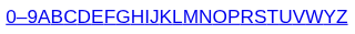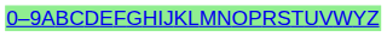 <table id="toc" class="toc" summary="Class">
 <tr>
 <th></th>
 </tr>
 <tr>
-<td style="text-align:center;"><a href='#'>0–9</a><a href='#'>A</a><a href='#'>B</a><a href='#'>C</a><a href='#'>D</a><a href='#'>E</a><a href='#'>F</a><a href='#'>G</a><a href='#'>H</a><a href='#'>I</a><a href='#'>J</a><a href='#'>K</a><a href='#'>L</a><a href='#'>M</a><a href='#'>N</a><a href='#'>O</a><a href='#'>P</a><a href='#'>R</a><a href='#'>S</a><a href='#'>T</a><a href='#'>U</a><a href='#'>V</a><a href='#'>W</a><a href='#'>Y</a><a href='#'>Z</a></td>
+<td style="background: lightgreen; text-align:center;"><a href='#'>0–9</a><a href='#'>A</a><a href='#'>B</a><a href='#'>C</a><a href='#'>D</a><a href='#'>E</a><a href='#'>F</a><a href='#'>G</a><a href='#'>H</a><a href='#'>I</a><a href='#'>J</a><a href='#'>K</a><a href='#'>L</a><a href='#'>M</a><a href='#'>N</a><a href='#'>O</a><a href='#'>P</a><a href='#'>R</a><a href='#'>S</a><a href='#'>T</a><a href='#'>U</a><a href='#'>V</a><a href='#'>W</a><a href='#'>Y</a><a href='#'>Z</a></td>
 </tr>
 </table>
